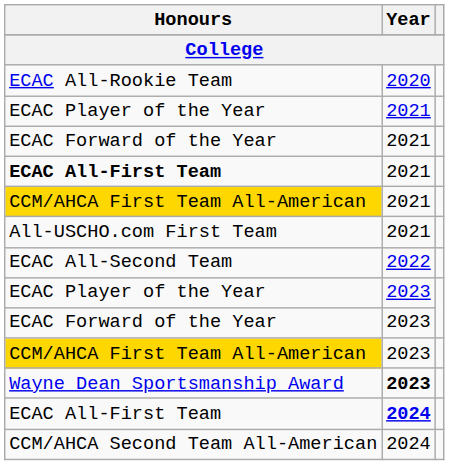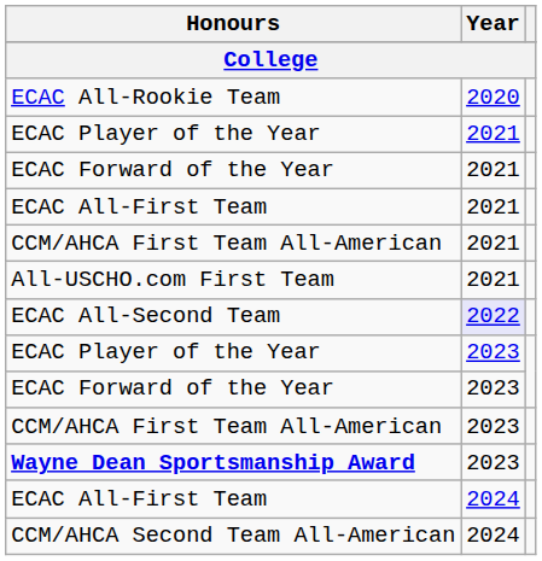 <table class="wikitable">
 <tr>
 <th>Honours</th>
 <th>Year</th>
 <th></th>
 </tr>
 <tr>
 </tr>
 <tr>
 <th colspan="3"><a href='#'>College</a></th>
 </tr>
 <tr>
 <td><a href='#'>ECAC</a> All-Rookie Team</td>
 <td><a href='#'>2020</a></td>
 <td></td>
 </tr>
 <tr>
 <td>ECAC Player of the Year</td>
 <td><a href='#'>2021</a></td>
 <td></td>
 </tr>
 <tr>
 <td>ECAC Forward of the Year</td>
 <td>2021</td>
 <td></td>
 </tr>
 <tr>
-<td><strong>ECAC All-First Team</strong></td>
+<td>ECAC All-First Team</td>
 <td>2021</td>
 <td></td>
 </tr>
 <tr>
-<td style="background: gold;">CCM/AHCA First Team All-American</td>
+<td>CCM/AHCA First Team All-American</td>
 <td>2021</td>
 <td></td>
 </tr>
 <tr>
 <td>All-USCHO.com First Team</td>
 <td>2021</td>
 <td></td>
 </tr>
 <tr>
 <td>ECAC All-Second Team</td>
-<td><a href='#'>2022</a></td>
+<td style="background: lavender;"><a href='#'>2022</a></td>
 <td></td>
 </tr>
 <tr>
 <td>ECAC Player of the Year</td>
 <td><a href='#'>2023</a></td>
 <td rowspan="2"></td>
 </tr>
 <tr>
 <td>ECAC Forward of the Year</td>
 <td>2023</td>
 </tr>
 <tr>
-<td style="background: gold;">CCM/AHCA First Team All-American</td>
+<td>CCM/AHCA First Team All-American</td>
 <td>2023</td>
 <td></td>
 </tr>
 <tr>
-<td><a href='#'>Wayne Dean Sportsmanship Award</a></td>
-<td><strong>2023</strong></td>
+<td><strong><a href='#'>Wayne Dean Sportsmanship Award</a></strong></td>
+<td>2023</td>
 <td></td>
 </tr>
 <tr>
 <td>ECAC All-First Team</td>
-<td><strong><a href='#'>2024</a></strong></td>
+<td><a href='#'>2024</a></td>
 <td></td>
 </tr>
 <tr>
 <td>CCM/AHCA Second Team All-American</td>
 <td>2024</td>
 <td></td>
 </tr>
 </table>
